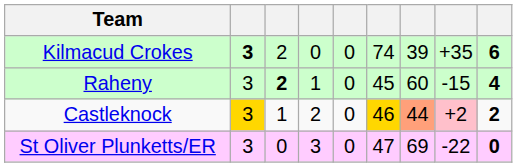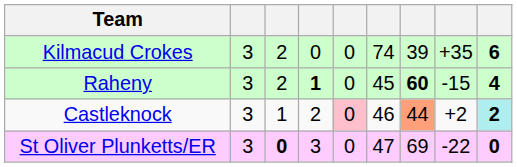 <table class="wikitable" style="text-align:center">
 <tr>
 <th style="width:175px;">Team</th>
 <th width="20"></th>
 <th width="20"></th>
 <th width="20"></th>
 <th width="20"></th>
 <th width="20"></th>
 <th width="20"></th>
 <th width="20"></th>
 <th width="20"></th>
 </tr>
 <tr style="background:#cfc;">
 <td><a href='#'>Kilmacud Crokes</a></td>
-<td><strong>3</strong></td>
+<td>3</td>
 <td>2</td>
 <td>0</td>
 <td>0</td>
 <td>74</td>
 <td>39</td>
 <td>+35</td>
 <td><strong>6</strong></td>
 </tr>
 <tr style="background:#cfc;">
 <td><a href='#'>Raheny</a></td>
 <td>3</td>
-<td><strong>2</strong></td>
-<td>1</td>
+<td>2</td>
+<td><strong>1</strong></td>
 <td>0</td>
 <td>45</td>
-<td>60</td>
+<td><strong>60</strong></td>
 <td>-15</td>
 <td><strong>4</strong></td>
 </tr>
 <tr>
 <td><a href='#'>Castleknock</a></td>
-<td style="background: gold;">3</td>
+<td>3</td>
 <td>1</td>
 <td>2</td>
-<td>0</td>
-<td style="background: gold;">46</td>
+<td style="background: pink;">0</td>
+<td>46</td>
 <td style="background: lightsalmon;">44</td>
-<td style="background: pink;">+2</td>
-<td><strong>2</strong></td>
+<td>+2</td>
+<td style="background: paleturquoise;"><strong>2</strong></td>
 </tr>
 <tr style="background:#fcf;">
 <td><a href='#'>St Oliver Plunketts/ER</a></td>
 <td>3</td>
-<td>0</td>
+<td><strong>0</strong></td>
 <td>3</td>
 <td>0</td>
 <td>47</td>
 <td>69</td>
 <td>-22</td>
 <td><strong>0</strong></td>
 </tr>
 </table>
